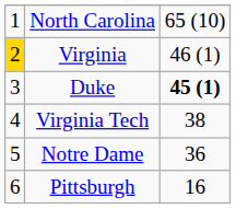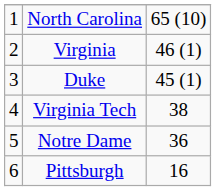 <table class="wikitable" style="display: inline-table;">
 <tr align="center">
 </tr>
 <tr align="center">
 <td>1</td>
 <td><a href='#'>North Carolina</a></td>
 <td>65 (10)</td>
 </tr>
 <tr align="center">
-<td style="background: gold;">2</td>
+<td>2</td>
 <td><a href='#'>Virginia</a></td>
 <td>46 (1)</td>
 </tr>
 <tr align="center">
 <td>3</td>
 <td><a href='#'>Duke</a></td>
-<td><strong>45 (1)</strong></td>
+<td>45 (1)</td>
 </tr>
 <tr align="center">
 <td>4</td>
 <td><a href='#'>Virginia Tech</a></td>
 <td>38</td>
 </tr>
 <tr align="center">
 <td>5</td>
 <td><a href='#'>Notre Dame</a></td>
 <td>36</td>
 </tr>
 <tr align="center">
 <td>6</td>
 <td><a href='#'>Pittsburgh</a></td>
 <td>16</td>
 </tr>
 </table>
